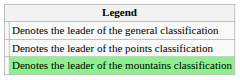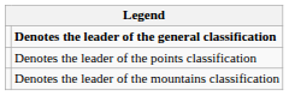 <table class="wikitable">
 <tr>
 <th colspan="4">Legend</th>
 </tr>
 <tr>
 <td></td>
-<td>Denotes the leader of the general classification</td>
+<td><strong>Denotes the leader of the general classification</strong></td>
 </tr>
 <tr>
 <td></td>
 <td>Denotes the leader of the points classification</td>
 </tr>
 <tr>
 <td></td>
-<td style="background: lightgreen;">Denotes the leader of the mountains classification</td>
+<td>Denotes the leader of the mountains classification</td>
 </tr>
 </table>
